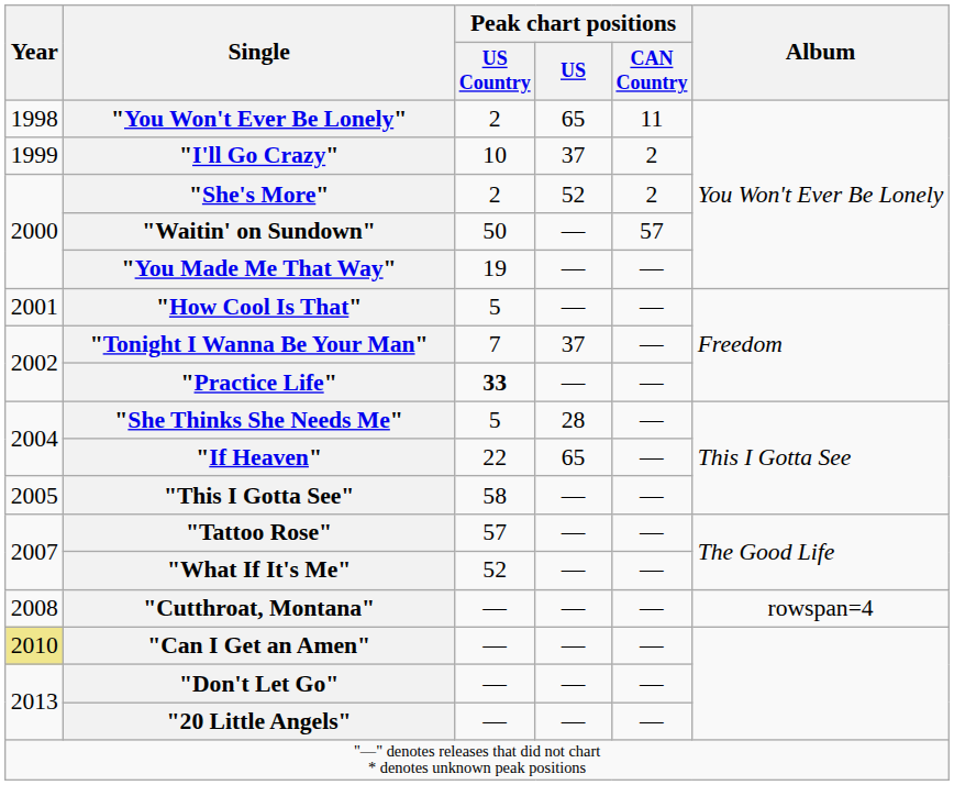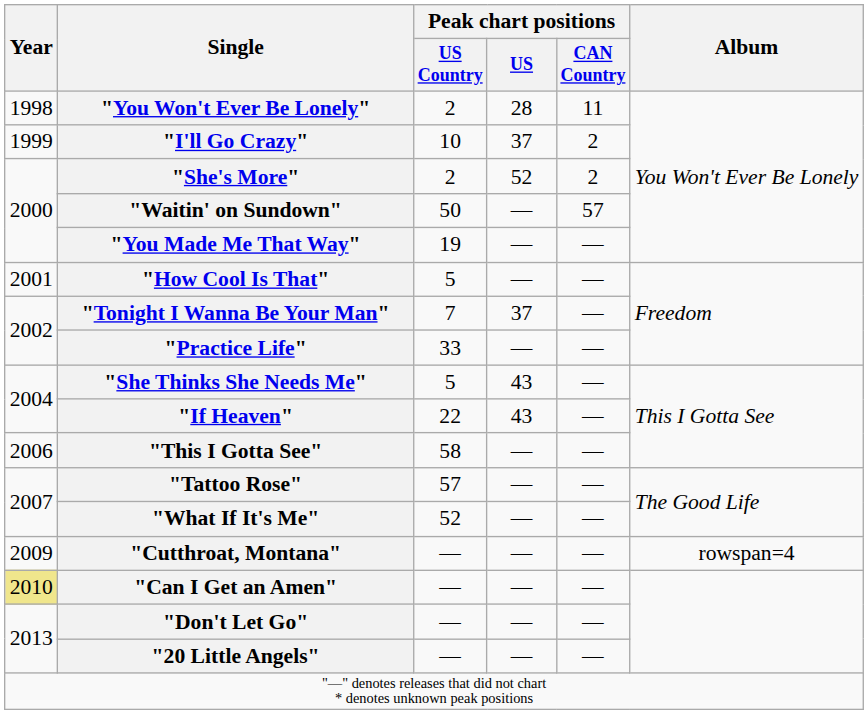 <table class="wikitable plainrowheaders" style="text-align:center;">
 <tr>
 <th rowspan=2>Year</th>
 <th rowspan=2 style="width:16em;">Single</th>
 <th colspan=3>Peak chart positions</th>
 <th rowspan=2>Album</th>
 </tr>
 <tr style="font-size:smaller;">
 <th style="width:45px;"><a href='#'>US Country</a></th>
 <th style="width:45px;"><a href='#'>US</a></th>
 <th style="width:45px;"><a href='#'>CAN Country</a></th>
 </tr>
 <tr>
 <td>1998</td>
 <th scope="row">"<a href='#'>You Won't Ever Be Lonely</a>"</th>
 <td>2</td>
-<td>65</td>
+<td>28</td>
 <td>11</td>
 <td style="text-align:left;" rowspan="5"><em>You Won't Ever Be Lonely</em></td>
 </tr>
 <tr>
 <td>1999</td>
 <th scope="row">"<a href='#'>I'll Go Crazy</a>"</th>
 <td>10</td>
 <td>37</td>
 <td>2</td>
 </tr>
 <tr>
 <td rowspan=3>2000</td>
 <th scope="row">"<a href='#'>She's More</a>"</th>
 <td>2</td>
 <td>52</td>
 <td>2</td>
 </tr>
 <tr>
 <th scope="row">"Waitin' on Sundown"</th>
 <td>50</td>
 <td>—</td>
 <td>57</td>
 </tr>
 <tr>
 <th scope="row">"<a href='#'>You Made Me That Way</a>"</th>
 <td>19</td>
 <td>—</td>
 <td>—</td>
 </tr>
 <tr>
 <td>2001</td>
 <th scope="row">"<a href='#'>How Cool Is That</a>"</th>
 <td>5</td>
 <td>—</td>
 <td>—</td>
 <td style="text-align:left;" rowspan="3"><em>Freedom</em></td>
 </tr>
 <tr>
 <td rowspan=2>2002</td>
 <th scope="row">"<a href='#'>Tonight I Wanna Be Your Man</a>"</th>
 <td>7</td>
 <td>37</td>
 <td>—</td>
 </tr>
 <tr>
 <th scope="row">"<a href='#'>Practice Life</a>" </th>
-<td><strong>33</strong></td>
+<td>33</td>
 <td>—</td>
 <td>—</td>
 </tr>
 <tr>
 <td rowspan=2>2004</td>
 <th scope="row">"<a href='#'>She Thinks She Needs Me</a>"</th>
 <td>5</td>
-<td>28</td>
+<td>43</td>
 <td>—</td>
 <td style="text-align:left;" rowspan="3"><em>This I Gotta See</em></td>
 </tr>
 <tr>
 <th scope="row">"<a href='#'>If Heaven</a>"</th>
 <td>22</td>
-<td>65</td>
+<td>43</td>
 <td>—</td>
 </tr>
 <tr>
-<td>2005</td>
+<td>2006</td>
 <th scope="row">"This I Gotta See"</th>
 <td>58</td>
 <td>—</td>
 <td>—</td>
 </tr>
 <tr>
 <td rowspan=2>2007</td>
 <th scope="row">"Tattoo Rose"</th>
 <td>57</td>
 <td>—</td>
 <td>—</td>
 <td style="text-align:left;" rowspan="2"><em>The Good Life</em></td>
 </tr>
 <tr>
 <th scope="row">"What If It's Me"</th>
 <td>52</td>
 <td>—</td>
 <td>—</td>
 </tr>
 <tr>
-<td>2008</td>
+<td>2009</td>
 <th scope="row">"Cutthroat, Montana"</th>
 <td>—</td>
 <td>—</td>
 <td>—</td>
 <td>rowspan=4 </td>
 </tr>
 <tr>
 <td style="background: khaki;">2010</td>
 <th scope="row">"Can I Get an Amen"</th>
 <td>—</td>
 <td>—</td>
 <td>—</td>
 </tr>
 <tr>
 <td rowspan=2>2013</td>
 <th scope="row">"Don't Let Go"</th>
 <td>—</td>
 <td>—</td>
 <td>—</td>
 </tr>
 <tr>
 <th scope="row">"20 Little Angels"</th>
 <td>—</td>
 <td>—</td>
 <td>—</td>
 </tr>
 <tr>
 <td colspan=6 style="font-size:8pt">"—" denotes releases that did not chart<br>* denotes unknown peak positions</td>
 </tr>
 </table>
